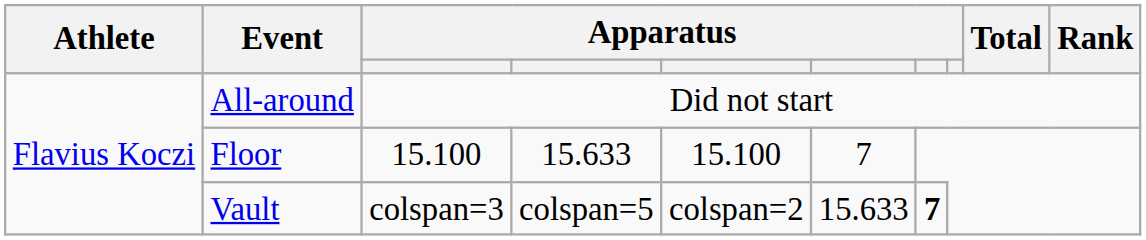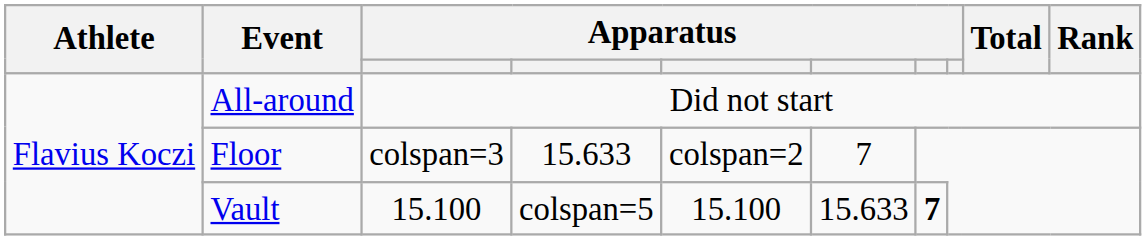 <table class="wikitable" style="font-size:90%">
 <tr>
 <th rowspan=2>Athlete</th>
 <th rowspan=2>Event</th>
 <th colspan=6>Apparatus</th>
 <th rowspan=2>Total</th>
 <th rowspan=2>Rank</th>
 </tr>
 <tr style="font-size:95%">
 <th></th>
 <th></th>
 <th></th>
 <th></th>
 <th></th>
 <th></th>
 </tr>
 <tr align=center>
 <td align=left rowspan=3><a href='#'>Flavius Koczi</a></td>
 <td align=left><a href='#'>All-around</a></td>
 <td colspan=8>Did not start</td>
 </tr>
 <tr align=center>
 <td align=left><a href='#'>Floor</a></td>
-<td>15.100</td>
+<td>colspan=3 </td>
 <td>15.633</td>
-<td>15.100</td>
+<td>colspan=2 </td>
 <td>7</td>
 </tr>
 <tr align=center>
 <td align=left><a href='#'>Vault</a></td>
-<td>colspan=3 </td>
+<td>15.100</td>
 <td>colspan=5 </td>
-<td>colspan=2 </td>
+<td>15.100</td>
 <td>15.633</td>
 <td><strong>7</strong></td>
 </tr>
 </table>
